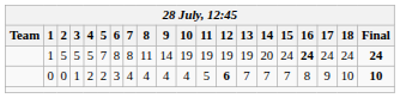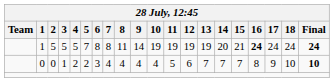 <table class=wikitable style="text-align:center; width: 55%">
 <tr>
 <th colspan=20><em>28 July, 12:45</em></th>
 </tr>
 <tr>
 <th>Team</th>
 <th>1</th>
 <th>2</th>
 <th>3</th>
 <th>4</th>
 <th>5</th>
 <th>6</th>
 <th>7</th>
 <th>8</th>
 <th>9</th>
 <th>10</th>
 <th>11</th>
 <th>12</th>
 <th>13</th>
 <th>14</th>
 <th>15</th>
 <th>16</th>
 <th>17</th>
 <th>18</th>
 <th>Final</th>
 </tr>
 <tr>
 <td align=left><strong></strong></td>
 <td>1</td>
 <td>5</td>
 <td>5</td>
 <td>5</td>
 <td>7</td>
 <td>8</td>
 <td>8</td>
 <td>11</td>
 <td>14</td>
 <td>19</td>
 <td>19</td>
 <td>19</td>
 <td>19</td>
 <td>20</td>
-<td>24</td>
+<td>21</td>
 <td><strong>24</strong></td>
 <td>24</td>
 <td>24</td>
 <td><strong>24</strong></td>
 </tr>
 <tr>
 <td align=left></td>
 <td>0</td>
 <td>0</td>
 <td>1</td>
 <td>2</td>
 <td>2</td>
 <td>3</td>
 <td>4</td>
 <td>4</td>
 <td>4</td>
 <td>4</td>
 <td>5</td>
-<td><strong>6</strong></td>
+<td>6</td>
 <td>7</td>
 <td>7</td>
 <td>7</td>
 <td>8</td>
 <td>9</td>
 <td>10</td>
 <td><strong>10</strong></td>
 </tr>
 <tr>
 <td colspan=20></td>
 </tr>
 </table>
